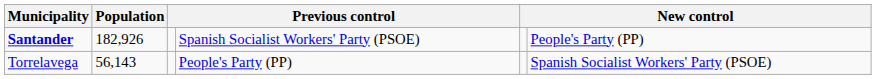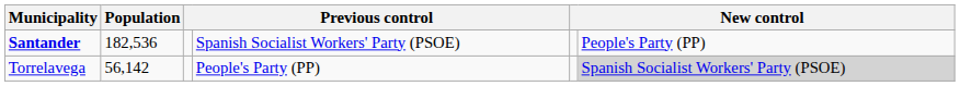 <table class="wikitable sortable">
 <tr>
 <th>Municipality</th>
 <th>Population</th>
 <th colspan="2" style="width:375px;">Previous control</th>
 <th colspan="2" style="width:375px;">New control</th>
 </tr>
 <tr>
 <td><strong><a href='#'>Santander</a></strong></td>
-<td>182,926</td>
+<td>182,536</td>
 <td width="1" style="color:inherit;background:"></td>
 <td><a href='#'>Spanish Socialist Workers' Party</a> (PSOE)</td>
 <td width="1" style="color:inherit;background:"></td>
 <td><a href='#'>People's Party</a> (PP)</td>
 </tr>
 <tr>
 <td><a href='#'>Torrelavega</a></td>
-<td>56,143</td>
+<td>56,142</td>
 <td style="color:inherit;background:"></td>
 <td><a href='#'>People's Party</a> (PP)</td>
 <td style="color:inherit;background:"></td>
-<td><a href='#'>Spanish Socialist Workers' Party</a> (PSOE)</td>
+<td style="background: lightgrey;"><a href='#'>Spanish Socialist Workers' Party</a> (PSOE)</td>
 </tr>
 </table>
